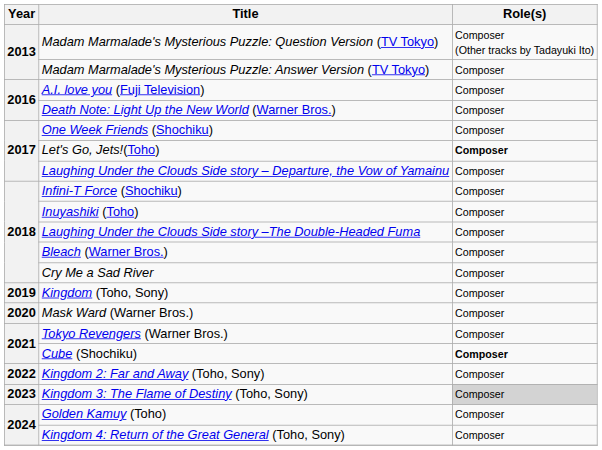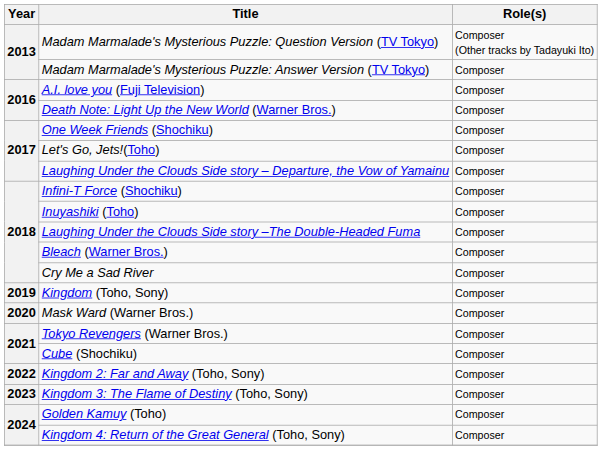 <table class="wikitable sortable">
 <tr>
 <th>Year</th>
 <th>Title</th>
 <th class="unsortable">Role(s)</th>
 </tr>
 <tr>
 <th rowspan="2">2013</th>
 <td><em>Madam Marmalade's Mysterious Puzzle: Question Version</em> (<a href='#'>TV Tokyo</a>)</td>
 <td><small>Composer<br>(Other tracks by Tadayuki Ito)</small></td>
 </tr>
 <tr>
 <td><em>Madam Marmalade's Mysterious Puzzle: Answer Version</em> (<a href='#'>TV Tokyo</a>)</td>
 <td><small>Composer</small></td>
 </tr>
 <tr>
 <th rowspan="2">2016</th>
 <td><em><a href='#'>A.I. love you</a></em> (<a href='#'>Fuji Television</a>)</td>
 <td><small>Composer</small></td>
 </tr>
 <tr>
 <td><em><a href='#'>Death Note: Light Up the New World</a></em> (<a href='#'>Warner Bros.</a>)</td>
 <td><small>Composer</small></td>
 </tr>
 <tr>
 <th rowspan="3">2017</th>
 <td><em><a href='#'>One Week Friends</a></em> (<a href='#'>Shochiku</a>)</td>
 <td><small>Composer</small></td>
 </tr>
 <tr>
 <td><em>Let's Go, Jets!</em>(<a href='#'>Toho</a>)</td>
-<td><strong><small>Composer</small></strong></td>
+<td><small>Composer</small></td>
 </tr>
 <tr>
 <td><em><a href='#'>Laughing Under the Clouds Side story – Departure, the Vow of Yamainu</a></em></td>
 <td><small>Composer</small></td>
 </tr>
 <tr>
 <th rowspan="5">2018</th>
 <td><em><a href='#'>Infini-T Force</a></em> (<a href='#'>Shochiku</a>)</td>
 <td><small>Composer</small></td>
 </tr>
 <tr>
 <td><em><a href='#'>Inuyashiki</a></em> (<a href='#'>Toho</a>)</td>
 <td><small>Composer</small></td>
 </tr>
 <tr>
 <td><em><a href='#'>Laughing Under the Clouds Side story –The Double-Headed Fuma</a></em></td>
 <td><small>Composer</small></td>
 </tr>
 <tr>
 <td><em><a href='#'>Bleach</a></em> (<a href='#'>Warner Bros.</a>)</td>
 <td><small>Composer</small></td>
 </tr>
 <tr>
 <td><em>Cry Me a Sad River</em></td>
 <td><small>Composer</small></td>
 </tr>
 <tr>
 <th>2019</th>
 <td><em><a href='#'>Kingdom</a></em> (Toho, Sony)</td>
 <td><small>Composer</small></td>
 </tr>
 <tr>
 <th>2020</th>
 <td><em>Mask Ward</em> (Warner Bros.)</td>
 <td><small>Composer</small></td>
 </tr>
 <tr>
 <th rowspan="2">2021</th>
 <td><em><a href='#'>Tokyo Revengers</a></em> (Warner Bros.)</td>
 <td><small>Composer</small></td>
 </tr>
 <tr>
 <td><em><a href='#'>Cube</a></em> (Shochiku)</td>
-<td><strong><small>Composer</small></strong></td>
+<td><small>Composer</small></td>
 </tr>
 <tr>
 <th>2022</th>
 <td><em><a href='#'>Kingdom 2: Far and Away</a></em> (Toho, Sony)</td>
 <td><small>Composer</small></td>
 </tr>
 <tr>
 <th>2023</th>
 <td><em><a href='#'>Kingdom 3: The Flame of Destiny</a></em> (Toho, Sony)</td>
-<td style="background: lightgrey;"><small>Composer</small></td>
+<td><small>Composer</small></td>
 </tr>
 <tr>
 <th rowspan="2">2024</th>
 <td><em><a href='#'>Golden Kamuy</a></em> (Toho)</td>
 <td><small>Composer</small></td>
 </tr>
 <tr>
 <td><em><a href='#'>Kingdom 4: Return of the Great General</a></em> (Toho, Sony)</td>
 <td><small>Composer</small></td>
 </tr>
 <tr>
 </tr>
 </table>
